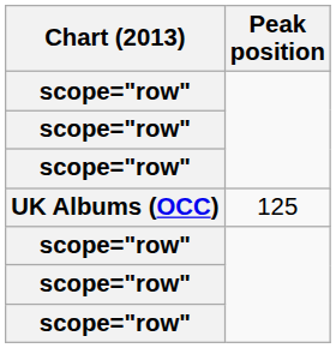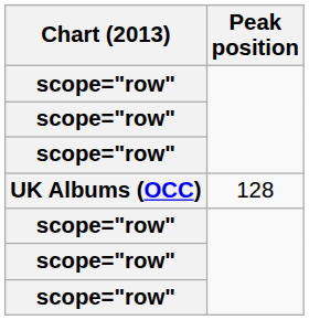 <table class="wikitable sortable plainrowheaders" style="text-align:center;">
 <tr>
 <th scope="col">Chart (2013)</th>
 <th scope="col">Peak<br>position</th>
 </tr>
 <tr>
 <th>scope="row" </th>
 </tr>
 <tr>
 <th>scope="row" </th>
 </tr>
 <tr>
 <th>scope="row" </th>
 </tr>
 <tr>
 <th scope="row">UK Albums (<a href='#'>OCC</a>)</th>
-<td style="text-align:center;">125</td>
+<td style="text-align:center;">128</td>
 </tr>
 <tr>
 <th>scope="row" </th>
 </tr>
 <tr>
 <th>scope="row" </th>
 </tr>
 <tr>
 <th>scope="row" </th>
 </tr>
 </table>
